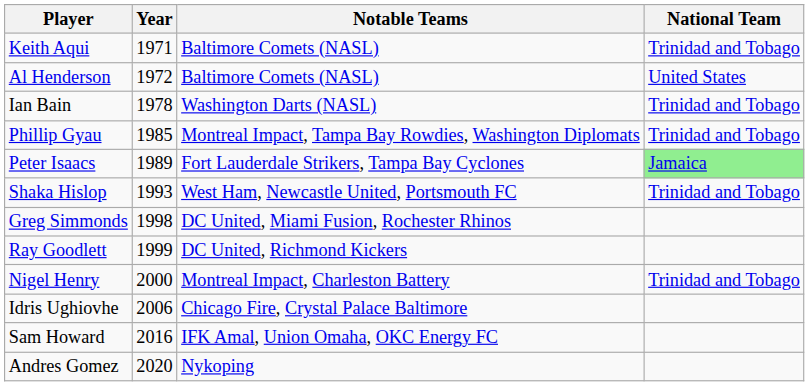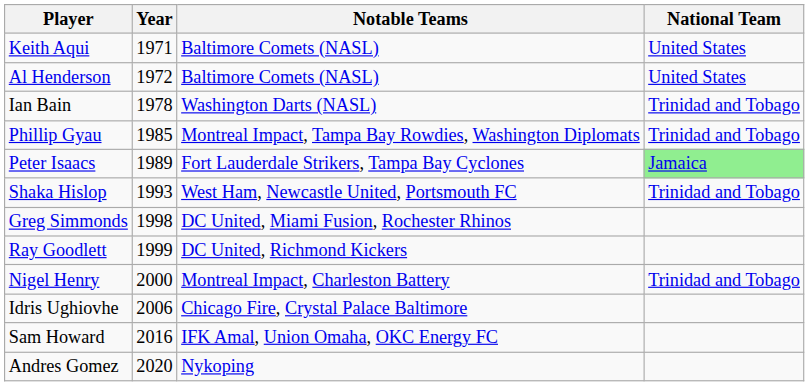 <table class="wikitable">
 <tr>
 <th width=px>Player</th>
 <th width=px>Year</th>
 <th width=px>Notable Teams</th>
 <th width=px>National Team</th>
 </tr>
 <tr>
 <td><a href='#'>Keith Aqui</a></td>
 <td>1971</td>
 <td><a href='#'>Baltimore Comets (NASL)</a></td>
-<td><a href='#'>Trinidad and Tobago</a></td>
+<td><a href='#'>United States</a></td>
 </tr>
 <tr>
 <td><a href='#'>Al Henderson</a></td>
 <td>1972</td>
 <td><a href='#'>Baltimore Comets (NASL)</a></td>
 <td><a href='#'>United States</a></td>
 </tr>
 <tr>
 <td>Ian Bain</td>
 <td>1978</td>
 <td><a href='#'>Washington Darts (NASL)</a></td>
 <td><a href='#'>Trinidad and Tobago</a></td>
 </tr>
 <tr>
 <td><a href='#'>Phillip Gyau</a></td>
 <td>1985</td>
 <td><a href='#'>Montreal Impact</a>, <a href='#'>Tampa Bay Rowdies</a>, <a href='#'>Washington Diplomats</a></td>
 <td><a href='#'>Trinidad and Tobago</a></td>
 </tr>
 <tr>
 <td><a href='#'>Peter Isaacs</a></td>
 <td>1989</td>
 <td><a href='#'>Fort Lauderdale Strikers</a>, <a href='#'>Tampa Bay Cyclones</a></td>
 <td style="background: lightgreen;"><a href='#'>Jamaica</a></td>
 </tr>
 <tr>
 <td><a href='#'>Shaka Hislop</a></td>
 <td>1993</td>
 <td><a href='#'>West Ham</a>, <a href='#'>Newcastle United</a>, <a href='#'>Portsmouth FC</a></td>
 <td><a href='#'>Trinidad and Tobago</a></td>
 </tr>
 <tr>
 <td><a href='#'>Greg Simmonds</a></td>
 <td>1998</td>
 <td><a href='#'>DC United</a>, <a href='#'>Miami Fusion</a>, <a href='#'>Rochester Rhinos</a></td>
 <td></td>
 </tr>
 <tr>
 <td><a href='#'>Ray Goodlett</a></td>
 <td>1999</td>
 <td><a href='#'>DC United</a>, <a href='#'>Richmond Kickers</a></td>
 <td></td>
 </tr>
 <tr>
 <td><a href='#'>Nigel Henry</a></td>
 <td>2000</td>
 <td><a href='#'>Montreal Impact</a>, <a href='#'>Charleston Battery</a></td>
 <td><a href='#'>Trinidad and Tobago</a></td>
 </tr>
 <tr>
 <td>Idris Ughiovhe</td>
 <td>2006</td>
 <td><a href='#'>Chicago Fire</a>, <a href='#'>Crystal Palace Baltimore</a></td>
 <td></td>
 </tr>
 <tr>
 <td>Sam Howard</td>
 <td>2016</td>
 <td><a href='#'>IFK Amal</a>, <a href='#'>Union Omaha</a>, <a href='#'>OKC Energy FC</a></td>
 <td></td>
 </tr>
 <tr>
 <td>Andres Gomez</td>
 <td>2020</td>
 <td><a href='#'>Nykoping</a></td>
 <td></td>
 </tr>
 </table>
